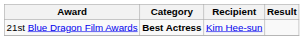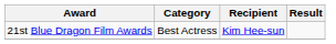 <table class=wikitable>
 <tr>
 <th>Award</th>
 <th>Category</th>
 <th>Recipient</th>
 <th>Result</th>
 </tr>
 <tr>
 <td>21st <a href='#'>Blue Dragon Film Awards</a></td>
-<td><strong>Best Actress</strong></td>
+<td>Best Actress</td>
 <td><a href='#'>Kim Hee-sun</a></td>
 <td></td>
 </tr>
 <tr>
 </tr>
 </table>
